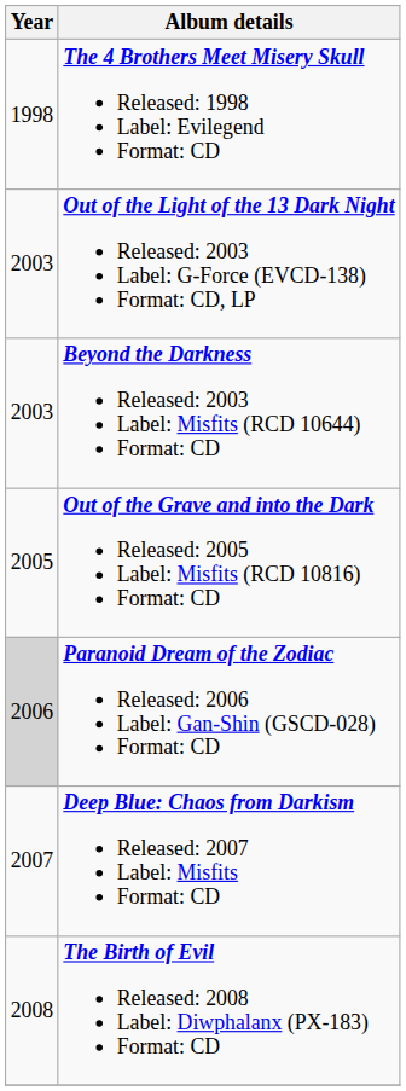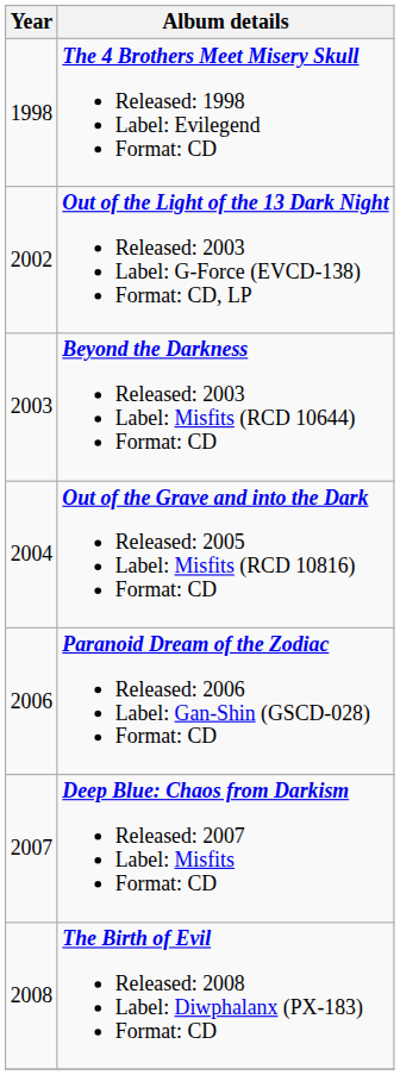 <table class ="wikitable">
 <tr>
 <th rowspan="1">Year</th>
 <th rowspan="1">Album details</th>
 </tr>
 <tr>
 <td>1998</td>
 <td><strong><em><a href='#'>The 4 Brothers Meet Misery Skull</a></em></strong><br><ul><li>Released: 1998</li><li>Label: Evilegend</li><li>Format: CD</li></ul></td>
 </tr>
 <tr>
-<td>2003</td>
+<td>2002</td>
 <td><strong><em><a href='#'>Out of the Light of the 13 Dark Night</a></em></strong><br><ul><li>Released: 2003</li><li>Label: G-Force (EVCD-138)</li><li>Format: CD, LP</li></ul></td>
 </tr>
 <tr>
 <td>2003</td>
 <td><strong><em><a href='#'>Beyond the Darkness</a></em></strong><br><ul><li>Released: 2003</li><li>Label: <a href='#'>Misfits</a> (RCD 10644)</li><li>Format: CD</li></ul></td>
 </tr>
 <tr>
-<td>2005</td>
+<td>2004</td>
 <td><strong><em><a href='#'>Out of the Grave and into the Dark</a></em></strong><br><ul><li>Released: 2005</li><li>Label: <a href='#'>Misfits</a> (RCD 10816)</li><li>Format: CD</li></ul></td>
 </tr>
 <tr>
-<td style="background: lightgrey;">2006</td>
+<td>2006</td>
 <td><strong><em><a href='#'>Paranoid Dream of the Zodiac</a></em></strong><br><ul><li>Released: 2006</li><li>Label: <a href='#'>Gan-Shin</a> (GSCD-028)</li><li>Format: CD</li></ul></td>
 </tr>
 <tr>
 <td>2007</td>
 <td><strong><em><a href='#'>Deep Blue: Chaos from Darkism</a></em></strong><br><ul><li>Released: 2007</li><li>Label: <a href='#'>Misfits</a></li><li>Format: CD</li></ul></td>
 </tr>
 <tr>
 <td>2008</td>
 <td><strong><em><a href='#'>The Birth of Evil</a></em></strong><br><ul><li>Released: 2008</li><li>Label: <a href='#'>Diwphalanx</a> (PX-183)</li><li>Format: CD</li></ul></td>
 </tr>
 <tr>
 </tr>
 </table>
